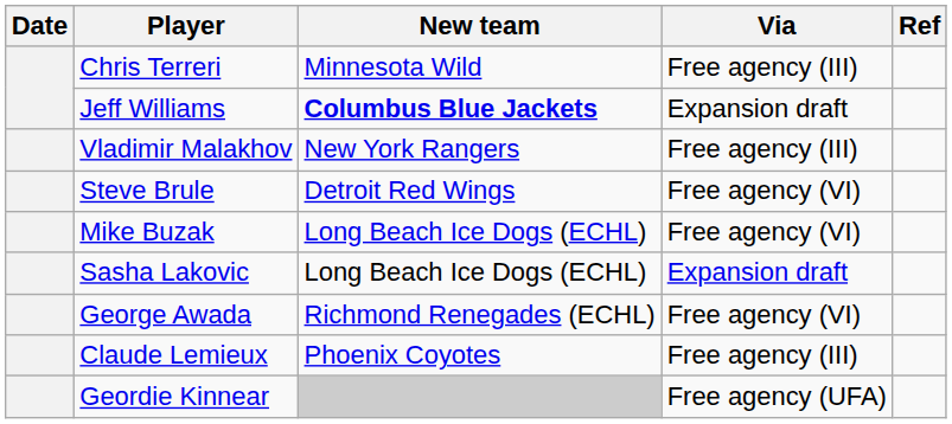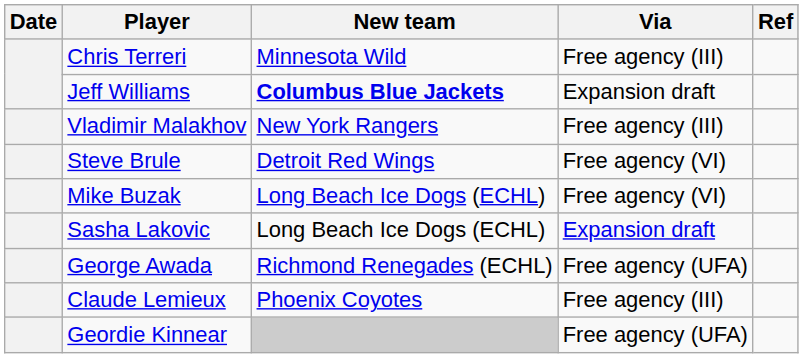 <table class="wikitable plainrowheaders">
 <tr style="background:#ddd; text-align:center;">
 <th>Date</th>
 <th>Player</th>
 <th>New team</th>
 <th>Via</th>
 <th>Ref</th>
 </tr>
 <tr>
 <th scope="row" rowspan=2></th>
 <td><a href='#'>Chris Terreri</a></td>
 <td><a href='#'>Minnesota Wild</a></td>
 <td>Free agency (III)</td>
 <td></td>
 </tr>
 <tr>
 <td><a href='#'>Jeff Williams</a></td>
 <td><strong><a href='#'>Columbus Blue Jackets</a></strong></td>
 <td>Expansion draft</td>
 <td></td>
 </tr>
 <tr>
 <th scope="row"></th>
 <td><a href='#'>Vladimir Malakhov</a></td>
 <td><a href='#'>New York Rangers</a></td>
 <td>Free agency (III)</td>
 <td></td>
 </tr>
 <tr>
 <th scope="row"></th>
 <td><a href='#'>Steve Brule</a></td>
 <td><a href='#'>Detroit Red Wings</a></td>
 <td>Free agency (VI)</td>
 <td></td>
 </tr>
 <tr>
 <th scope="row"></th>
 <td><a href='#'>Mike Buzak</a></td>
 <td><a href='#'>Long Beach Ice Dogs</a> (<a href='#'>ECHL</a>)</td>
 <td>Free agency (VI)</td>
 <td></td>
 </tr>
 <tr>
 <th scope="row"></th>
 <td><a href='#'>Sasha Lakovic</a></td>
 <td>Long Beach Ice Dogs (ECHL)</td>
 <td><a href='#'>Expansion draft</a></td>
 <td></td>
 </tr>
 <tr>
 <th scope="row"></th>
 <td><a href='#'>George Awada</a></td>
 <td><a href='#'>Richmond Renegades</a> (ECHL)</td>
-<td>Free agency (VI)</td>
+<td>Free agency (UFA)</td>
 <td></td>
 </tr>
 <tr>
 <th scope="row"></th>
 <td><a href='#'>Claude Lemieux</a></td>
 <td><a href='#'>Phoenix Coyotes</a></td>
 <td>Free agency (III)</td>
 <td></td>
 </tr>
 <tr>
 <th scope="row"></th>
 <td><a href='#'>Geordie Kinnear</a></td>
 <td style="background:#ccc"></td>
 <td>Free agency (UFA)</td>
 <td></td>
 </tr>
 </table>
